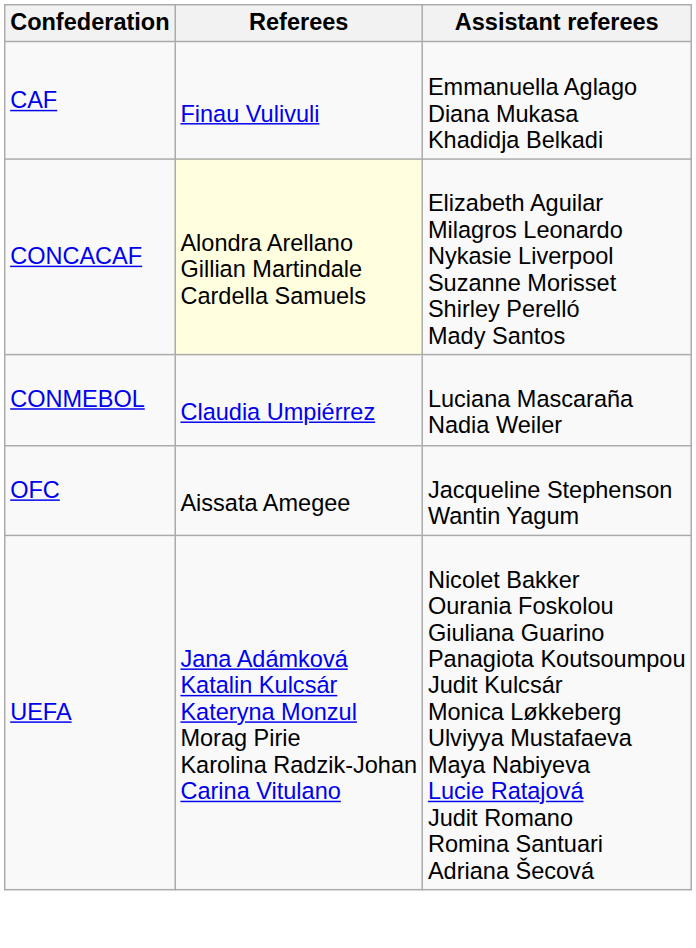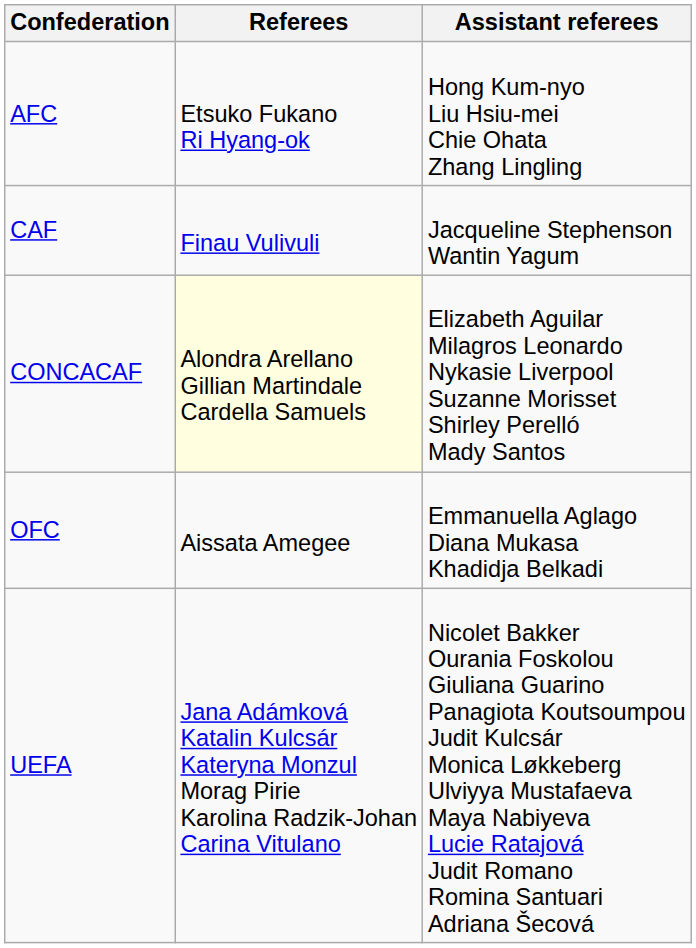 <table class="wikitable">
 <tr>
 <th>Confederation</th>
 <th>Referees</th>
 <th>Assistant referees</th>
 </tr>
 <tr>
+<td><a href='#'>AFC</a></td>
+<td><br> Etsuko Fukano<br>  <a href='#'>Ri Hyang-ok</a><br></td>
+<td><br> Hong Kum-nyo<br>  Liu Hsiu-mei<br>  Chie Ohata<br>  Zhang Lingling</td>
+</tr>
+<tr>
 <td><a href='#'>CAF</a></td>
 <td><br> <a href='#'>Finau Vulivuli</a></td>
-<td><br> Emmanuella Aglago<br>  Diana Mukasa<br>  Khadidja Belkadi</td>
+<td><br> Jacqueline Stephenson<br>  Wantin Yagum</td>
 </tr>
 <tr>
 <td><a href='#'>CONCACAF</a></td>
 <td style="background: lightyellow;"><br> Alondra Arellano<br>  Gillian Martindale<br>  Cardella Samuels</td>
 <td><br> Elizabeth Aguilar<br>  Milagros Leonardo<br>  Nykasie Liverpool<br>  Suzanne Morisset<br>  Shirley Perelló<br>  Mady Santos</td>
 </tr>
 <tr>
-<td><a href='#'>CONMEBOL</a></td>
-<td><br> <a href='#'>Claudia Umpiérrez</a></td>
-<td><br> Luciana Mascaraña<br>  Nadia Weiler</td>
-</tr>
-<tr>
 <td><a href='#'>OFC</a></td>
 <td><br> Aissata Amegee</td>
-<td><br> Jacqueline Stephenson<br>  Wantin Yagum</td>
+<td><br> Emmanuella Aglago<br>  Diana Mukasa<br>  Khadidja Belkadi</td>
 </tr>
 <tr>
 <td><a href='#'>UEFA</a></td>
 <td><br> <a href='#'>Jana Adámková</a><br>  <a href='#'>Katalin Kulcsár</a><br>  <a href='#'>Kateryna Monzul</a><br>  Morag Pirie<br>  Karolina Radzik-Johan<br>  <a href='#'>Carina Vitulano</a></td>
 <td><br> Nicolet Bakker<br>  Ourania Foskolou<br>  Giuliana Guarino<br>  Panagiota Koutsoumpou<br>  Judit Kulcsár<br>  Monica Løkkeberg<br>  Ulviyya Mustafaeva<br>  Maya Nabiyeva<br>  <a href='#'>Lucie Ratajová</a><br>  Judit Romano<br>  Romina Santuari<br>  Adriana Šecová</td>
 </tr>
 </table>
